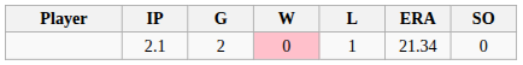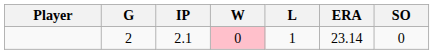 <table class="wikitable sortable">
 <tr>
 <th bgcolor="#DDDDFF" width="16%">Player</th>
+<th bgcolor="#DDDDFF" width="9%">G</th>
 <th bgcolor="#DDDDFF" width="9%">IP</th>
-<th bgcolor="#DDDDFF" width="9%">G</th>
 <th bgcolor="#DDDDFF" width="9%">W</th>
 <th bgcolor="#DDDDFF" width="9%">L</th>
 <th bgcolor="#DDDDFF" width="9%">ERA</th>
 <th bgcolor="#DDDDFF" width="9%">SO</th>
 </tr>
 <tr align="center">
 <td></td>
+<td>2</td>
 <td>2.1</td>
-<td>2</td>
 <td style="background: pink;">0</td>
 <td>1</td>
-<td>21.34</td>
+<td>23.14</td>
 <td>0</td>
 </tr>
 </table>
